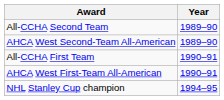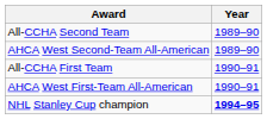 <table class="wikitable">
 <tr>
 <th>Award</th>
 <th>Year</th>
 </tr>
 <tr>
 <td>All-<a href='#'>CCHA</a> <a href='#'>Second Team</a></td>
 <td><a href='#'>1989–90</a></td>
 </tr>
 <tr>
 <td><a href='#'>AHCA</a> <a href='#'>West Second-Team All-American</a></td>
 <td><a href='#'>1989–90</a></td>
 </tr>
 <tr>
 <td>All-<a href='#'>CCHA</a> <a href='#'>First Team</a></td>
 <td><a href='#'>1990–91</a></td>
 </tr>
 <tr>
 <td><a href='#'>AHCA</a> <a href='#'>West First-Team All-American</a></td>
 <td><a href='#'>1990–91</a></td>
 </tr>
 <tr>
 <td><a href='#'>NHL</a> <a href='#'>Stanley Cup</a> champion</td>
-<td><a href='#'>1994–95</a></td>
+<td><strong><a href='#'>1994–95</a></strong></td>
 </tr>
 </table>
